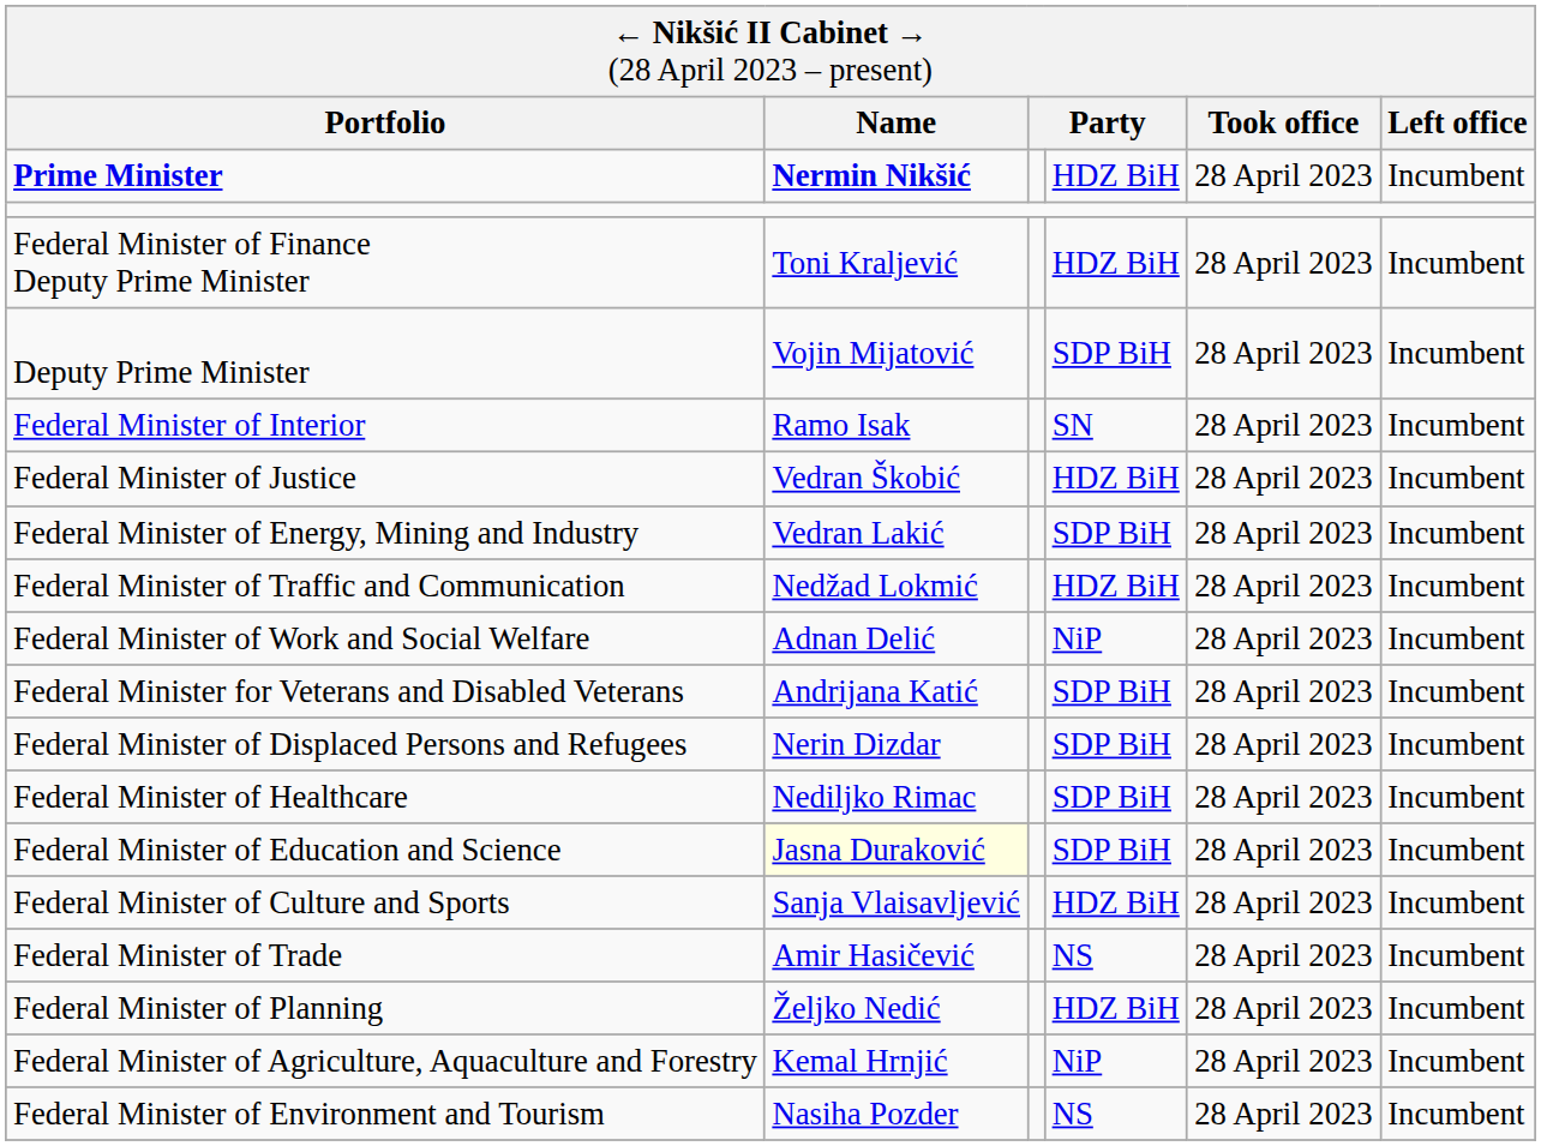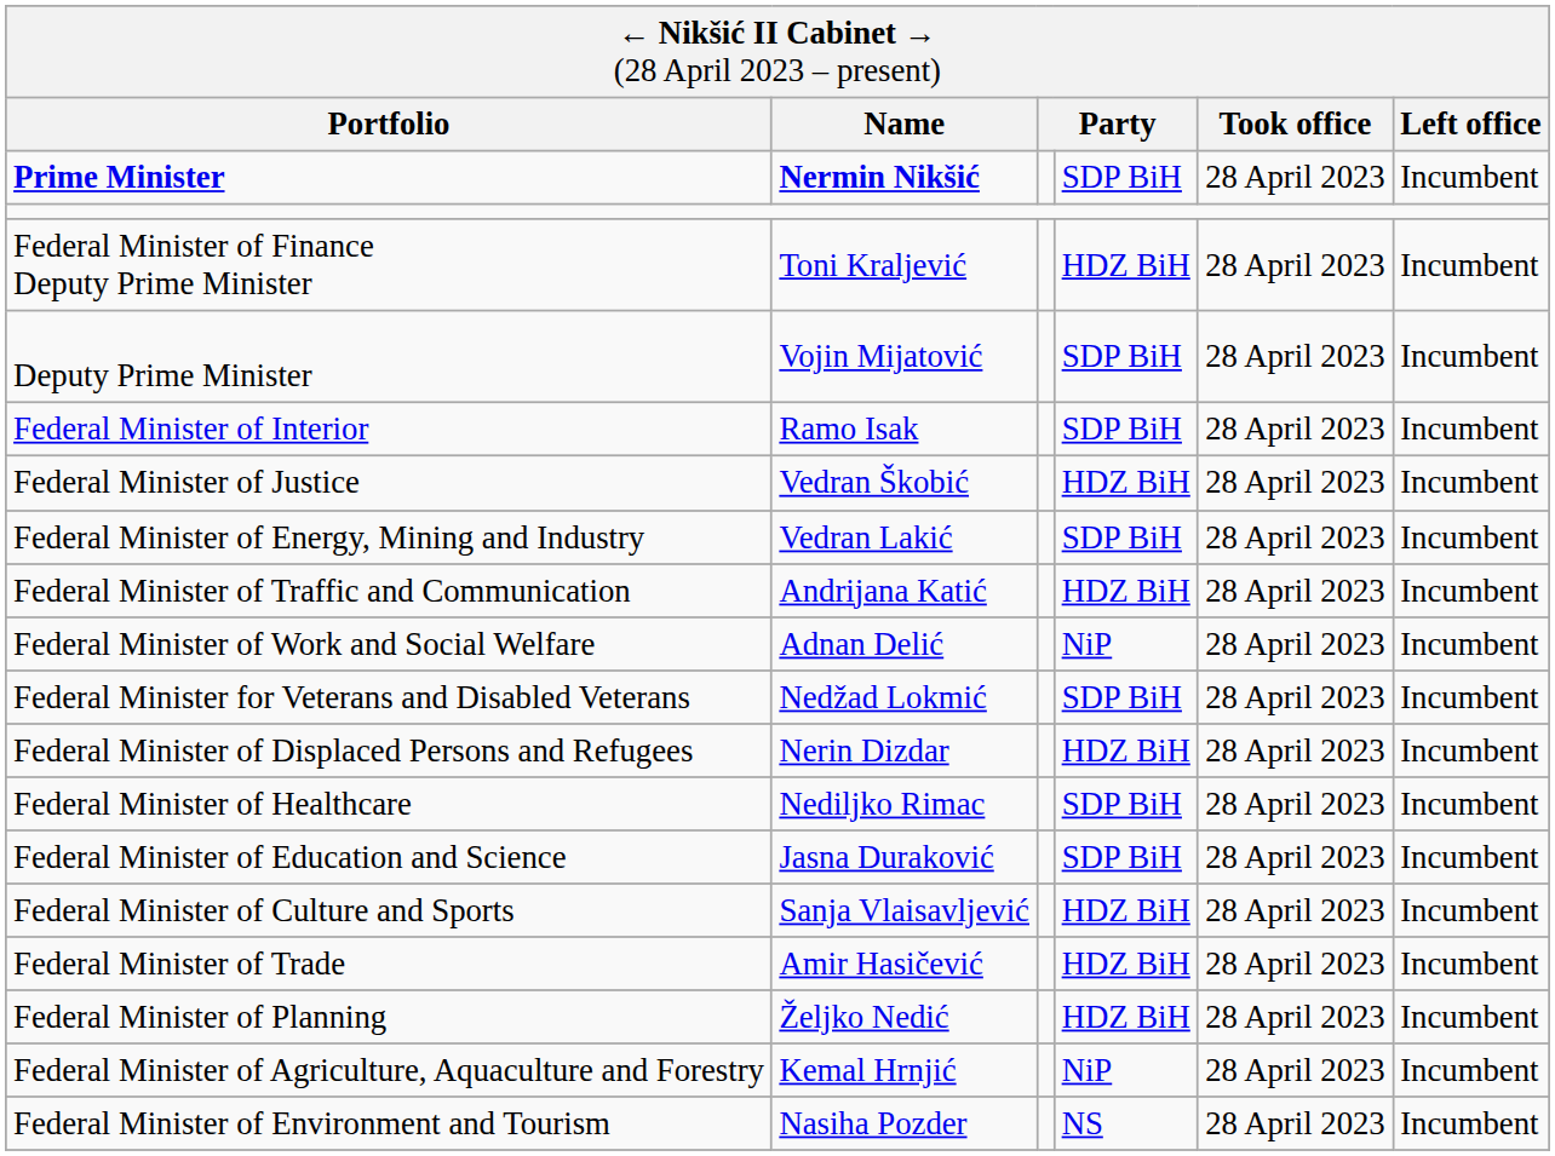 <table class="wikitable" style="font-size:95%;">
 <tr>
 <td colspan="7" bgcolor="#F2F2F2" align="center">← <strong>Nikšić II Cabinet</strong> → <br> (28 April 2023 – present)</td>
 </tr>
 <tr>
 <th>Portfolio</th>
 <th>Name</th>
 <th colspan="2">Party</th>
 <th>Took office</th>
 <th>Left office</th>
 </tr>
 <tr>
 <td><strong><a href='#'>Prime Minister</a></strong></td>
 <td><strong><a href='#'>Nermin Nikšić</a></strong></td>
 <td width="1" style="background-color:"></td>
-<td><a href='#'>HDZ BiH</a></td>
+<td><a href='#'>SDP BiH</a></td>
 <td>28 April 2023</td>
 <td>Incumbent</td>
 </tr>
 <tr>
 <td colspan="7"></td>
 </tr>
 <tr>
 <td>Federal Minister of Finance <br> Deputy Prime Minister</td>
 <td><a href='#'>Toni Kraljević</a></td>
 <td width="1" style="background-color:"></td>
 <td><a href='#'>HDZ BiH</a></td>
 <td>28 April 2023</td>
 <td>Incumbent</td>
 </tr>
 <tr>
 <td> <br> Deputy Prime Minister</td>
 <td><a href='#'>Vojin Mijatović</a></td>
 <td width="1" style="background-color:"></td>
 <td><a href='#'>SDP BiH</a></td>
 <td>28 April 2023</td>
 <td>Incumbent</td>
 </tr>
 <tr>
 <td><a href='#'>Federal Minister of Interior</a></td>
 <td><a href='#'>Ramo Isak</a></td>
 <td width="1" style="background-color:"></td>
-<td><a href='#'>SN</a></td>
+<td><a href='#'>SDP BiH</a></td>
 <td>28 April 2023</td>
 <td>Incumbent</td>
 </tr>
 <tr>
 <td>Federal Minister of Justice</td>
 <td><a href='#'>Vedran Škobić</a></td>
 <td width="1" style="background-color:"></td>
 <td><a href='#'>HDZ BiH</a></td>
 <td>28 April 2023</td>
 <td>Incumbent</td>
 </tr>
 <tr>
 <td>Federal Minister of Energy, Mining and Industry</td>
 <td><a href='#'>Vedran Lakić</a></td>
 <td width="1" style="background-color:"></td>
 <td><a href='#'>SDP BiH</a></td>
 <td>28 April 2023</td>
 <td>Incumbent</td>
 </tr>
 <tr>
 <td>Federal Minister of Traffic and Communication</td>
-<td><a href='#'>Nedžad Lokmić</a></td>
+<td><a href='#'>Andrijana Katić</a></td>
 <td width="1" style="background-color:"></td>
 <td><a href='#'>HDZ BiH</a></td>
 <td>28 April 2023</td>
 <td>Incumbent</td>
 </tr>
 <tr>
 <td>Federal Minister of Work and Social Welfare</td>
 <td><a href='#'>Adnan Delić</a></td>
 <td width="1" style="background-color:"></td>
 <td><a href='#'>NiP</a></td>
 <td>28 April 2023</td>
 <td>Incumbent</td>
 </tr>
 <tr>
 <td>Federal Minister for Veterans and Disabled Veterans</td>
-<td><a href='#'>Andrijana Katić</a></td>
+<td><a href='#'>Nedžad Lokmić</a></td>
 <td width="1" style="background-color:"></td>
 <td><a href='#'>SDP BiH</a></td>
 <td>28 April 2023</td>
 <td>Incumbent</td>
 </tr>
 <tr>
 <td>Federal Minister of Displaced Persons and Refugees</td>
 <td><a href='#'>Nerin Dizdar</a></td>
 <td width="1" style="background-color:"></td>
-<td><a href='#'>SDP BiH</a></td>
+<td><a href='#'>HDZ BiH</a></td>
 <td>28 April 2023</td>
 <td>Incumbent</td>
 </tr>
 <tr>
 <td>Federal Minister of Healthcare</td>
 <td><a href='#'>Nediljko Rimac</a></td>
 <td width="1" style="background-color:"></td>
 <td><a href='#'>SDP BiH</a></td>
 <td>28 April 2023</td>
 <td>Incumbent</td>
 </tr>
 <tr>
 <td>Federal Minister of Education and Science</td>
-<td style="background: lightyellow;"><a href='#'>Jasna Duraković</a></td>
+<td><a href='#'>Jasna Duraković</a></td>
 <td width="1" style="background-color:"></td>
 <td><a href='#'>SDP BiH</a></td>
 <td>28 April 2023</td>
 <td>Incumbent</td>
 </tr>
 <tr>
 <td>Federal Minister of Culture and Sports</td>
 <td><a href='#'>Sanja Vlaisavljević</a></td>
 <td width="1" style="background-color:"></td>
 <td><a href='#'>HDZ BiH</a></td>
 <td>28 April 2023</td>
 <td>Incumbent</td>
 </tr>
 <tr>
 <td>Federal Minister of Trade</td>
 <td><a href='#'>Amir Hasičević</a></td>
 <td width="1" style="background-color:"></td>
-<td><a href='#'>NS</a></td>
+<td><a href='#'>HDZ BiH</a></td>
 <td>28 April 2023</td>
 <td>Incumbent</td>
 </tr>
 <tr>
 <td>Federal Minister of Planning</td>
 <td><a href='#'>Željko Nedić</a></td>
 <td width="1" style="background-color:"></td>
 <td><a href='#'>HDZ BiH</a></td>
 <td>28 April 2023</td>
 <td>Incumbent</td>
 </tr>
 <tr>
 <td>Federal Minister of Agriculture, Aquaculture and Forestry</td>
 <td><a href='#'>Kemal Hrnjić</a></td>
 <td width="1" style="background-color:"></td>
 <td><a href='#'>NiP</a></td>
 <td>28 April 2023</td>
 <td>Incumbent</td>
 </tr>
 <tr>
 <td>Federal Minister of Environment and Tourism</td>
 <td><a href='#'>Nasiha Pozder</a></td>
 <td width="1" style="background-color:"></td>
 <td><a href='#'>NS</a></td>
 <td>28 April 2023</td>
 <td>Incumbent</td>
 </tr>
 </table>
